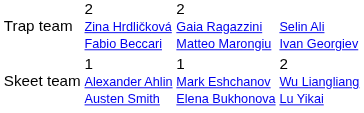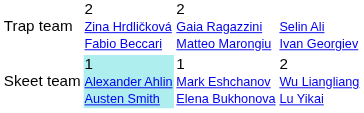 <table>
 <tr>
 <td>Trap team</td>
 <td> 2<small><br><a href='#'>Zina Hrdličková</a><br><a href='#'>Fabio Beccari</a></small></td>
 <td> 2<small><br><a href='#'>Gaia Ragazzini</a><br><a href='#'>Matteo Marongiu</a></small></td>
 <td> <small><br><a href='#'>Selin Ali</a><br><a href='#'>Ivan Georgiev</a></small></td>
 </tr>
 <tr>
 <td>Skeet team</td>
-<td> 1<small><br><a href='#'>Alexander Ahlin</a><br><a href='#'>Austen Smith</a></small></td>
+<td style="background: paleturquoise;"> 1<small><br><a href='#'>Alexander Ahlin</a><br><a href='#'>Austen Smith</a></small></td>
 <td> 1<small><br><a href='#'>Mark Eshchanov</a><br><a href='#'>Elena Bukhonova</a></small></td>
 <td> 2<small><br><a href='#'>Wu Liangliang</a><br><a href='#'>Lu Yikai</a></small></td>
 </tr>
 </table>
